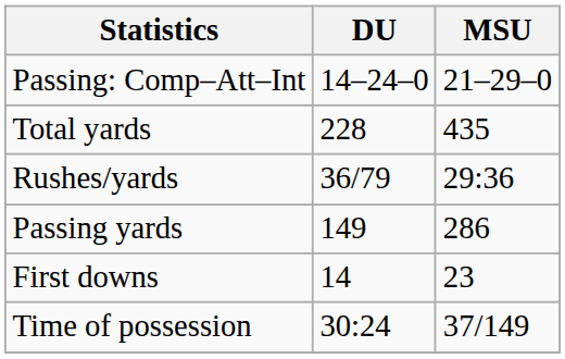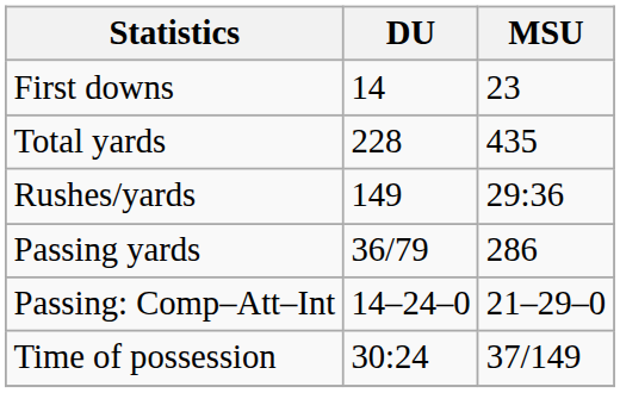 <table class="wikitable" style="float: left;">
 <tr>
 <th>Statistics</th>
 <th>DU</th>
 <th>MSU</th>
 </tr>
 <tr>
-<td>Passing: Comp–Att–Int</td>
-<td>14–24–0</td>
-<td>21–29–0</td>
+<td>First downs</td>
+<td>14</td>
+<td>23</td>
 </tr>
 <tr>
 <td>Total yards</td>
 <td>228</td>
 <td>435</td>
 </tr>
 <tr>
 <td>Rushes/yards</td>
-<td>36/79</td>
+<td>149</td>
 <td>29:36</td>
 </tr>
 <tr>
 <td>Passing yards</td>
-<td>149</td>
+<td>36/79</td>
 <td>286</td>
 </tr>
 <tr>
-<td>First downs</td>
-<td>14</td>
-<td>23</td>
+<td>Passing: Comp–Att–Int</td>
+<td>14–24–0</td>
+<td>21–29–0</td>
 </tr>
 <tr>
 <td>Time of possession</td>
 <td>30:24</td>
 <td>37/149</td>
 </tr>
 <tr>
 </tr>
 </table>
